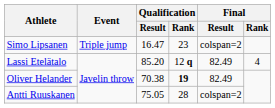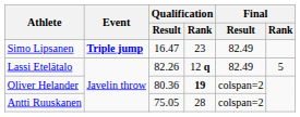 <table class=wikitable style=font-size:90%>
 <tr>
 <th rowspan=2>Athlete</th>
 <th rowspan=2>Event</th>
 <th colspan=2>Qualification</th>
 <th colspan=2>Final</th>
 </tr>
 <tr style=font-size:95%>
 <th>Result</th>
 <th>Rank</th>
 <th>Result</th>
 <th>Rank</th>
 </tr>
 <tr align=center>
 <td align=left><a href='#'>Simo Lipsanen</a></td>
-<td align=left><a href='#'>Triple jump</a></td>
+<td align=left><strong><a href='#'>Triple jump</a></strong></td>
 <td>16.47</td>
 <td>23</td>
-<td>colspan=2 </td>
+<td>82.49</td>
 </tr>
 <tr align=center>
 <td align=left><a href='#'>Lassi Etelätalo</a></td>
 <td align=left rowspan=3><a href='#'>Javelin throw</a></td>
-<td>85.20</td>
+<td>82.26</td>
 <td>12 <strong>q</strong></td>
 <td>82.49</td>
-<td>4</td>
+<td>5</td>
 </tr>
 <tr align=center>
 <td align=left><a href='#'>Oliver Helander</a></td>
-<td>70.38</td>
+<td>80.36</td>
 <td><strong>19</strong></td>
-<td>82.49</td>
+<td>colspan=2 </td>
 </tr>
 <tr align=center>
 <td align=left><a href='#'>Antti Ruuskanen</a></td>
 <td>75.05</td>
 <td>28</td>
 <td>colspan=2 </td>
 </tr>
 </table>
